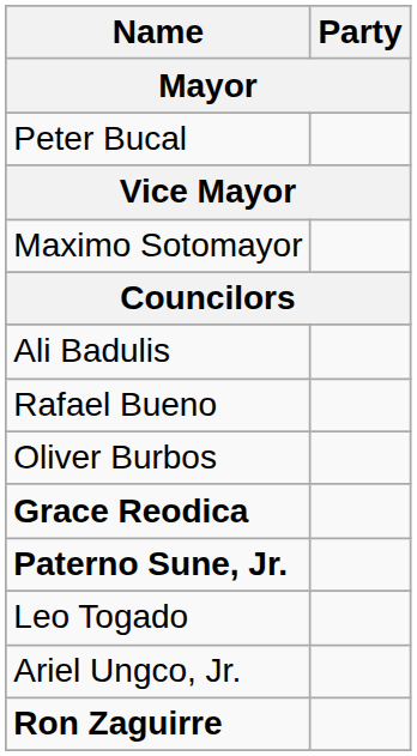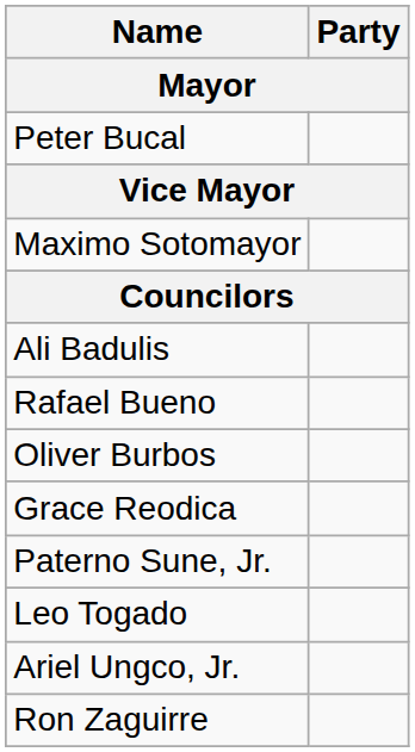 <table class=wikitable>
 <tr>
 <th>Name</th>
 <th colspan=2>Party</th>
 </tr>
 <tr>
 <th colspan=3>Mayor</th>
 </tr>
 <tr>
 <td>Peter Bucal</td>
 <td></td>
 </tr>
 <tr>
 <th colspan=3>Vice Mayor</th>
 </tr>
 <tr>
 <td>Maximo Sotomayor</td>
 <td></td>
 </tr>
 <tr>
 <th colspan=3>Councilors</th>
 </tr>
 <tr>
 <td>Ali Badulis</td>
 <td></td>
 </tr>
 <tr>
 <td>Rafael Bueno</td>
 <td></td>
 </tr>
 <tr>
 <td>Oliver Burbos</td>
 <td></td>
 </tr>
 <tr>
-<td><strong>Grace Reodica</strong></td>
+<td>Grace Reodica</td>
 <td></td>
 </tr>
 <tr>
-<td><strong>Paterno Sune, Jr.</strong></td>
+<td>Paterno Sune, Jr.</td>
 <td></td>
 </tr>
 <tr>
 <td>Leo Togado</td>
 <td></td>
 </tr>
 <tr>
 <td>Ariel Ungco, Jr.</td>
 <td></td>
 </tr>
 <tr>
-<td><strong>Ron Zaguirre</strong></td>
+<td>Ron Zaguirre</td>
 <td></td>
 </tr>
 </table>
